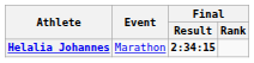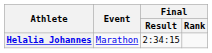 <table class="wikitable plainrowheaders">
 <tr>
 <th rowspan="2" scope="col">Athlete</th>
 <th rowspan="2" scope="col">Event</th>
 <th colspan="2">Final</th>
 </tr>
 <tr>
 <th scope="col">Result</th>
 <th scope="col">Rank</th>
 </tr>
 <tr style=text-align:center>
 <th style="text-align:left" scope="row"><a href='#'>Helalia Johannes</a></th>
 <td style=text-align:left><a href='#'>Marathon</a></td>
-<td><strong>2:34:15</strong></td>
+<td>2:34:15</td>
 <td></td>
 </tr>
 </table>
